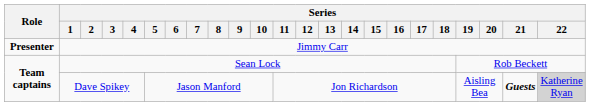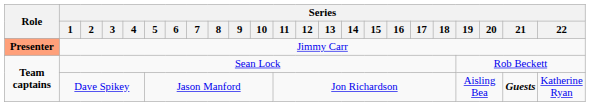 <table class="wikitable" style="text-align: center;">
 <tr>
 <th style="width:10%;" rowspan="2">Role</th>
 <th style="width:90%;" colspan="22">Series</th>
 </tr>
 <tr>
 <th style="width:4.5%;">1</th>
 <th style="width:4.5%;">2</th>
 <th style="width:4.5%;">3</th>
 <th style="width:4.5%;">4</th>
 <th style="width:4.5%;">5</th>
 <th style="width:4.5%;">6</th>
 <th style="width:4.5%;">7</th>
 <th style="width:4.5%;">8</th>
 <th style="width:4.5%;">9</th>
 <th style="width:4.5%;">10</th>
 <th style="width:4.5%;">11</th>
 <th style="width:4.5%;">12</th>
 <th style="width:4.5%;">13</th>
 <th style="width:4.5%;">14</th>
 <th style="width:4.5%;">15</th>
 <th style="width:4.5%;">16</th>
 <th style="width:4.5%;">17</th>
 <th style="width:4.5%;">18</th>
 <th style="width:4.5%;">19</th>
 <th style="width:4.5%;">20</th>
 <th style="width:4.5%;">21</th>
 <th style="width:4.5%;">22</th>
 </tr>
 <tr>
-<td><strong>Presenter</strong></td>
+<td style="background: lightsalmon;"><strong>Presenter</strong></td>
 <td colspan="22"><a href='#'>Jimmy Carr</a></td>
 </tr>
 <tr>
 <td rowspan="2"><strong>Team captains</strong></td>
 <td colspan="18"><a href='#'>Sean Lock</a></td>
 <td colspan="4"><a href='#'>Rob Beckett</a></td>
 </tr>
 <tr>
 <td colspan="4"><a href='#'>Dave Spikey</a></td>
 <td colspan="6"><a href='#'>Jason Manford</a></td>
 <td colspan="8"><a href='#'>Jon Richardson</a></td>
 <td colspan="2"><a href='#'>Aisling Bea</a></td>
 <td><strong><em>Guests</em></strong></td>
-<td style="background: lightgrey;"><a href='#'>Katherine Ryan</a></td>
+<td><a href='#'>Katherine Ryan</a></td>
 </tr>
 </table>
